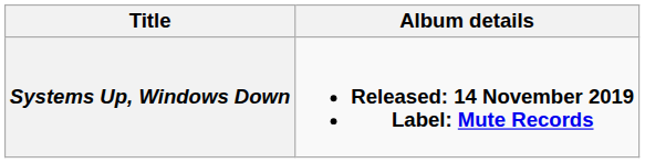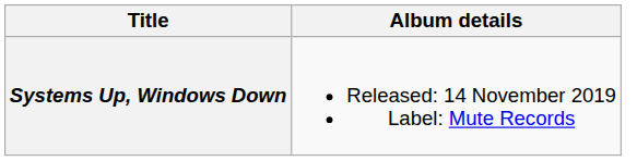 <table class="wikitable plainrowheaders" style="text-align:center;">
 <tr>
 <th scope="col">Title</th>
 <th scope="col">Album details</th>
 </tr>
 <tr>
 <th scope="row"><em>Systems Up, Windows Down</em></th>
-<td><strong><br><ul><li>Released: 14 November 2019</li><li>Label: <a href='#'>Mute Records</a></li></ul></strong></td>
+<td><br><ul><li>Released: 14 November 2019</li><li>Label: <a href='#'>Mute Records</a></li></ul></td>
 </tr>
 </table>
